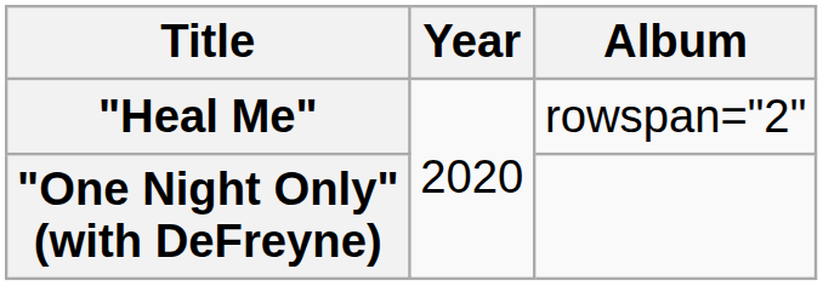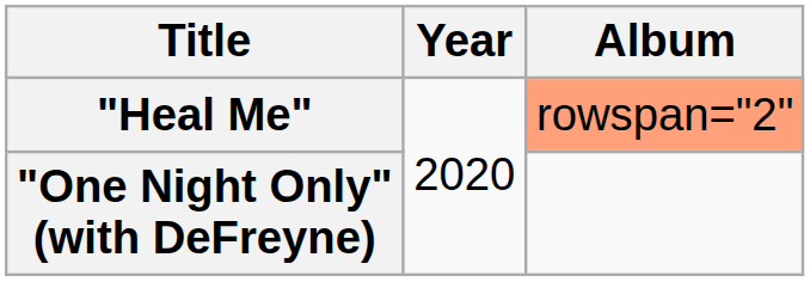 <table class="wikitable plainrowheaders" style="text-align:center;">
 <tr>
 <th scope="col">Title</th>
 <th scope="col">Year</th>
 <th scope="col">Album</th>
 </tr>
 <tr>
 <th scope="row">"Heal Me"</th>
 <td rowspan="2">2020</td>
-<td>rowspan="2" </td>
+<td style="background: lightsalmon;">rowspan="2" </td>
 </tr>
 <tr>
 <th scope="row">"One Night Only"<br><span>(with DeFreyne)</span></th>
 </tr>
 </table>
